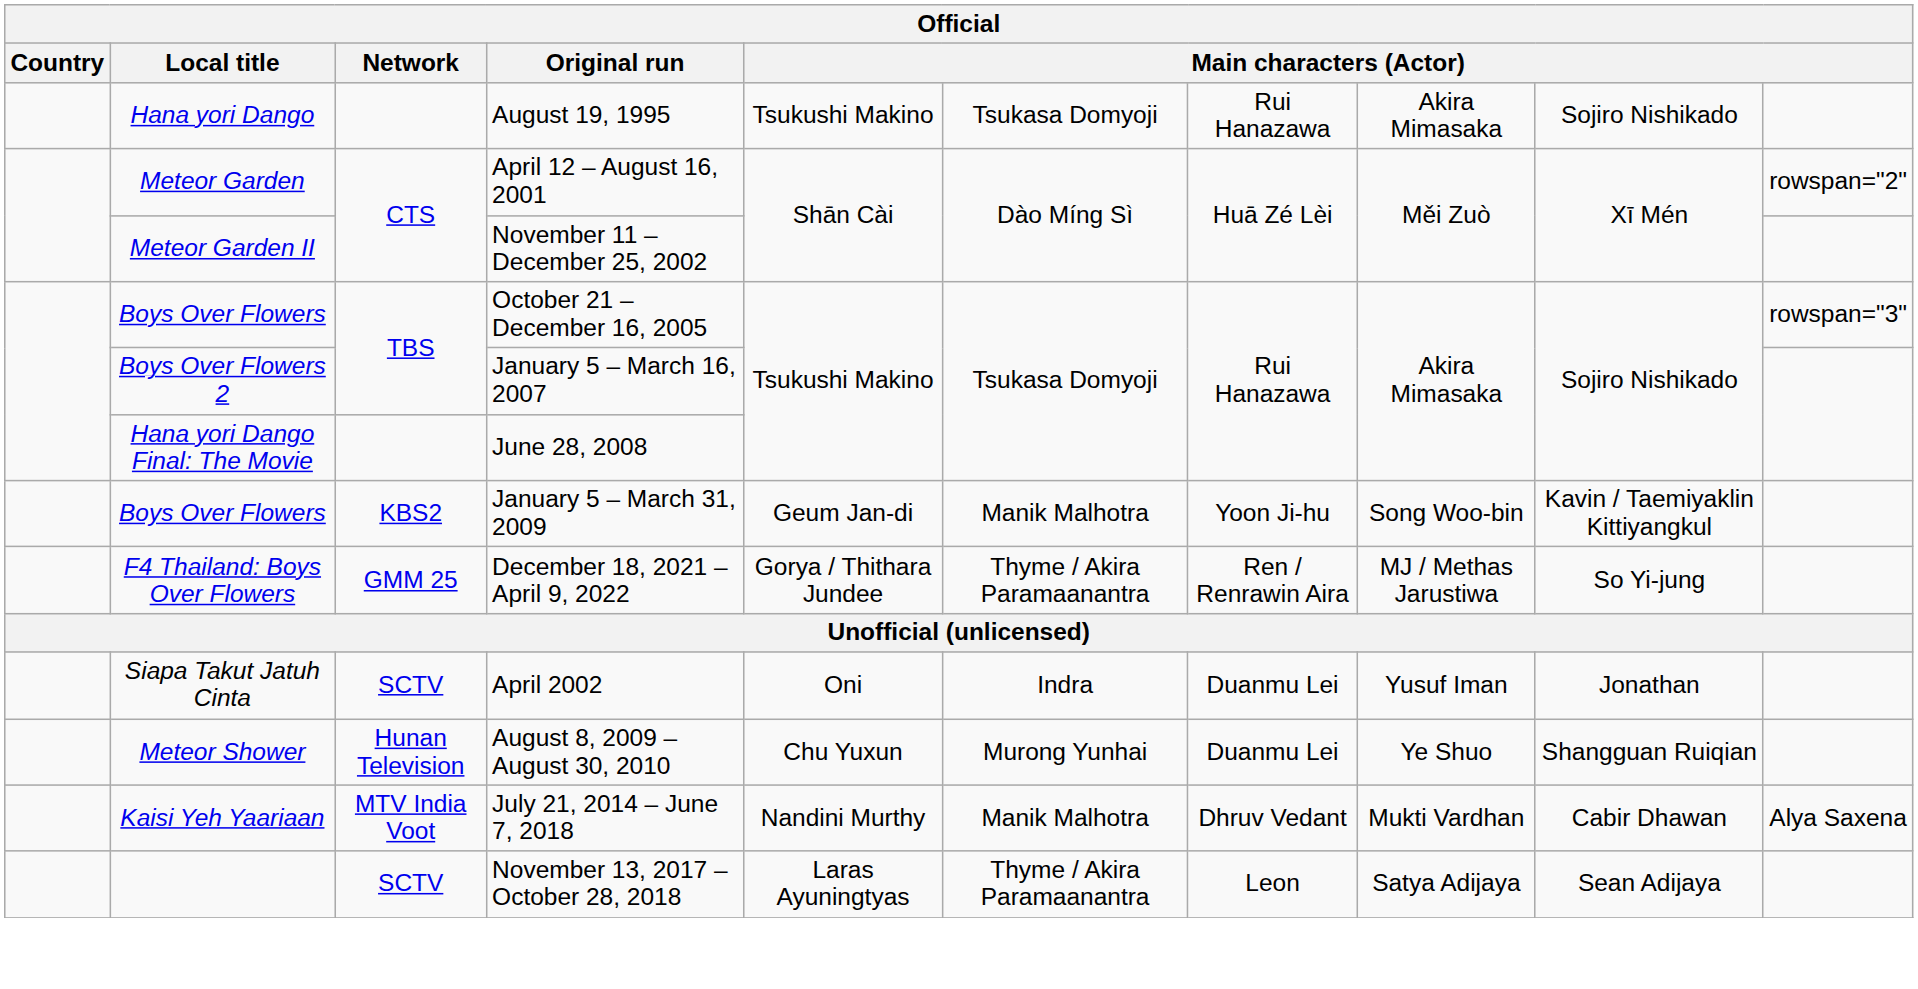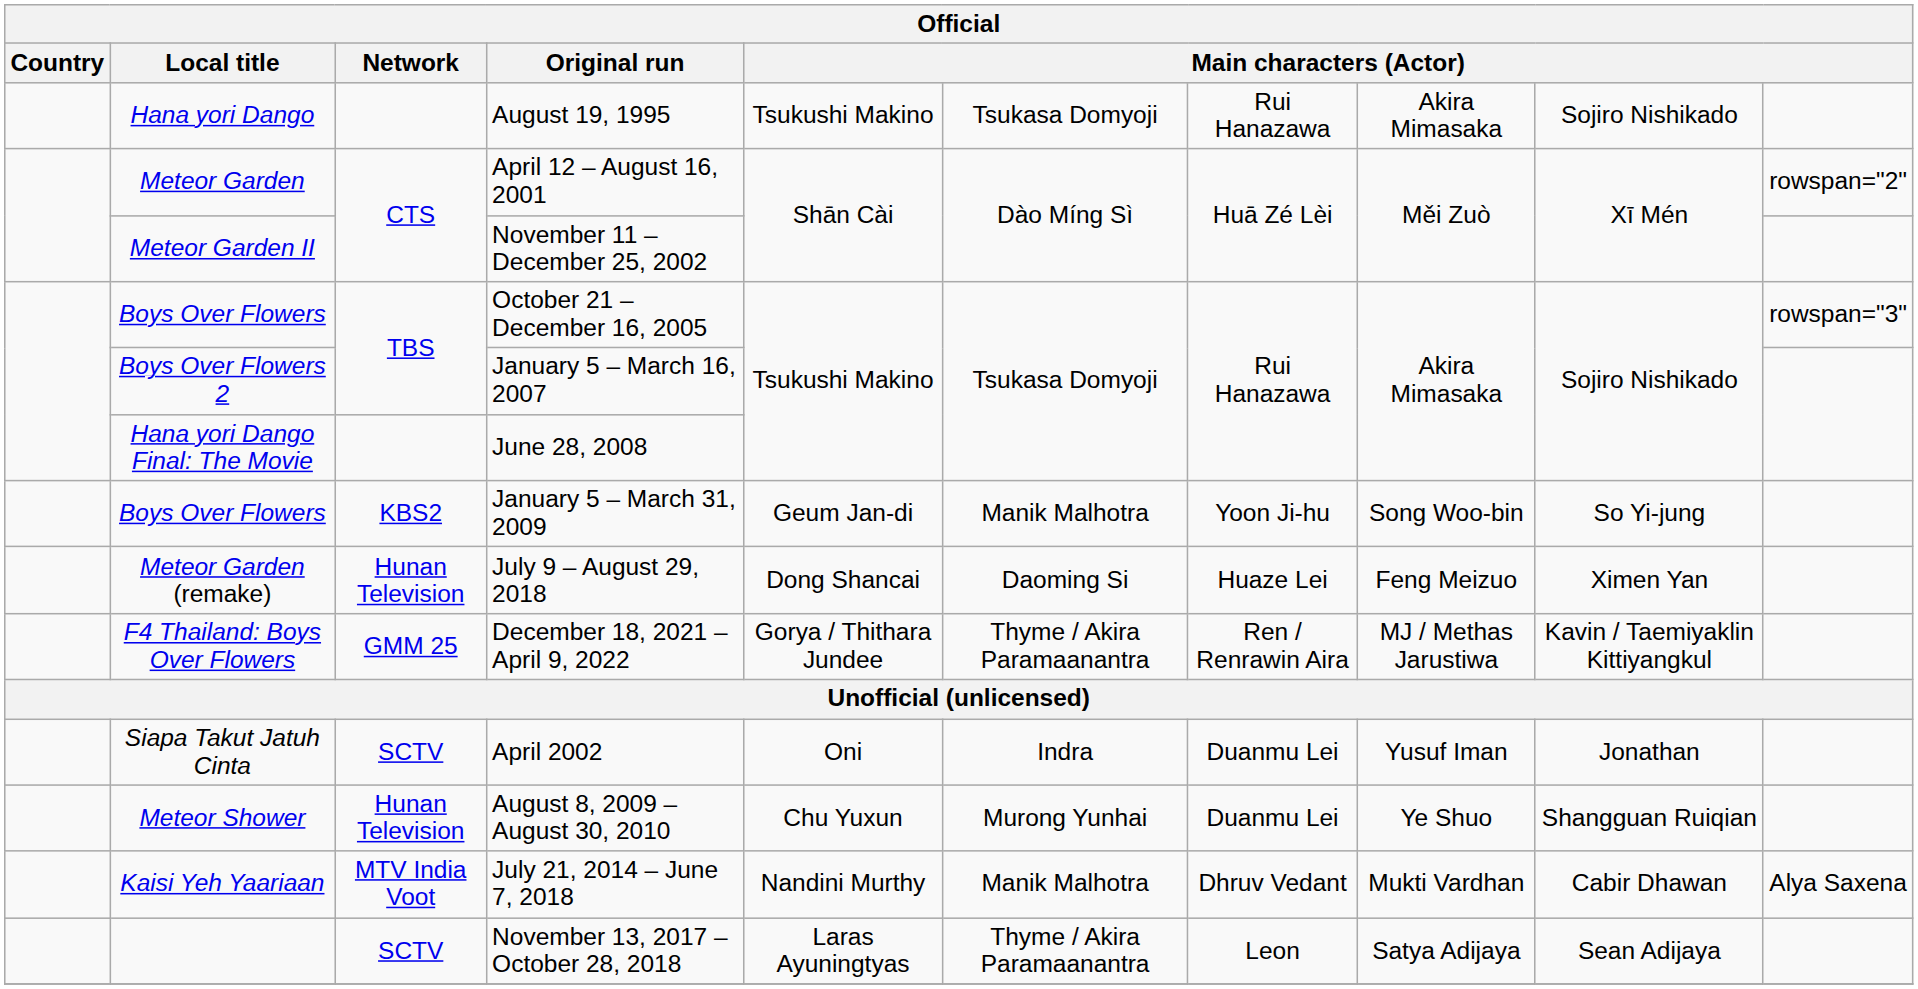 <table class="wikitable" style="text-align:center">
 <tr>
 <th !width= 10% colspan="10">Official</th>
 </tr>
 <tr>
 <th !width= 10%>Country</th>
 <th !width= 10%>Local title</th>
 <th !width= 10%>Network</th>
 <th !width= 10%>Original run</th>
 <th !width= 10% colspan="6">Main characters (Actor)</th>
 </tr>
 <tr>
 <td style="text-align:left;"></td>
 <td><em><a href='#'>Hana yori Dango</a></em></td>
 <td></td>
 <td style="text-align:left;">August 19, 1995</td>
 <td>Tsukushi Makino<br></td>
 <td>Tsukasa Domyoji<br></td>
 <td>Rui Hanazawa<br></td>
 <td>Akira Mimasaka<br></td>
 <td>Sojiro Nishikado<br></td>
 <td></td>
 </tr>
 <tr>
 <td style="text-align:left;" rowspan="2"></td>
 <td><em><a href='#'>Meteor Garden</a></em></td>
 <td rowspan="2"><a href='#'>CTS</a></td>
 <td style="text-align:left;">April 12 – August 16, 2001</td>
 <td rowspan="2">Shān Cài<br></td>
 <td rowspan="2">Dào Míng Sì<br></td>
 <td rowspan="2">Huā Zé Lèi<br></td>
 <td rowspan="2">Měi Zuò<br></td>
 <td rowspan="2">Xī Mén<br></td>
 <td>rowspan="2" </td>
 </tr>
 <tr>
 <td><em><a href='#'>Meteor Garden II</a></em></td>
 <td style="text-align:left;">November 11 – December 25, 2002</td>
 </tr>
 <tr>
 <td style="text-align:left;" rowspan="3"></td>
 <td><em><a href='#'>Boys Over Flowers</a></em></td>
 <td rowspan="2"><a href='#'>TBS</a></td>
 <td style="text-align:left;">October 21 – December 16, 2005</td>
 <td rowspan="3">Tsukushi Makino<br></td>
 <td rowspan="3">Tsukasa Domyoji<br></td>
 <td rowspan="3">Rui Hanazawa<br></td>
 <td rowspan="3">Akira Mimasaka<br></td>
 <td rowspan="3">Sojiro Nishikado<br></td>
 <td>rowspan="3" </td>
 </tr>
 <tr>
 <td><em><a href='#'>Boys Over Flowers 2</a></em></td>
 <td style="text-align:left;">January 5 – March 16, 2007</td>
 </tr>
 <tr>
 <td><em><a href='#'>Hana yori Dango Final: The Movie</a></em></td>
 <td></td>
 <td style="text-align:left;">June 28, 2008</td>
 </tr>
 <tr>
 <td style="text-align:left;"></td>
 <td><em><a href='#'>Boys Over Flowers</a></em></td>
 <td><a href='#'>KBS2</a></td>
 <td style="text-align:left;">January 5 – March 31, 2009</td>
 <td>Geum Jan-di<br></td>
 <td>Manik Malhotra<br></td>
 <td>Yoon Ji-hu<br></td>
 <td>Song Woo-bin<br></td>
-<td>Kavin / Taemiyaklin Kittiyangkul<br></td>
+<td>So Yi-jung<br></td>
+<td></td>
+</tr>
+<tr>
+<td style="text-align:left;"></td>
+<td><em><a href='#'>Meteor Garden</a></em> (remake)</td>
+<td><a href='#'>Hunan Television</a></td>
+<td style="text-align:left;">July 9 – August 29, 2018</td>
+<td>Dong Shancai<br></td>
+<td>Daoming Si<br></td>
+<td>Huaze Lei<br></td>
+<td>Feng Meizuo<br></td>
+<td>Ximen Yan<br></td>
 <td></td>
 </tr>
 <tr>
 <td style="text-align:left;"></td>
 <td><em><a href='#'>F4 Thailand: Boys Over Flowers</a></em></td>
 <td><a href='#'>GMM 25</a></td>
 <td style="text-align:left;">December 18, 2021 – April 9, 2022</td>
 <td>Gorya / Thithara Jundee<br></td>
 <td>Thyme / Akira Paramaanantra<br></td>
 <td>Ren / Renrawin Aira<br></td>
 <td>MJ / Methas Jarustiwa<br></td>
-<td>So Yi-jung<br></td>
+<td>Kavin / Taemiyaklin Kittiyangkul<br></td>
 <td></td>
 </tr>
 <tr>
 <th !width= 10% colspan="10">Unofficial (unlicensed)</th>
 </tr>
 <tr>
 <td style="text-align:left;"></td>
 <td><em>Siapa Takut Jatuh Cinta</em></td>
 <td><a href='#'>SCTV</a></td>
 <td style="text-align:left;">April 2002</td>
 <td>Oni<br></td>
 <td>Indra<br></td>
 <td>Duanmu Lei<br></td>
 <td>Yusuf Iman<br></td>
 <td>Jonathan<br></td>
 <td></td>
 </tr>
 <tr>
 <td style="text-align:left;"></td>
 <td><em><a href='#'>Meteor Shower</a></em></td>
 <td><a href='#'>Hunan Television</a></td>
 <td style="text-align:left;">August 8, 2009 – August 30, 2010</td>
 <td>Chu Yuxun<br></td>
 <td>Murong Yunhai<br></td>
 <td>Duanmu Lei<br></td>
 <td>Ye Shuo<br></td>
 <td>Shangguan Ruiqian<br></td>
 <td></td>
 </tr>
 <tr>
 <td style="text-align:left;"></td>
 <td><em><a href='#'>Kaisi Yeh Yaariaan</a></em></td>
 <td><a href='#'>MTV India</a> <br><a href='#'>Voot</a> </td>
 <td style="text-align:left;">July 21, 2014 – June 7, 2018</td>
 <td>Nandini Murthy<br></td>
 <td>Manik Malhotra<br></td>
 <td>Dhruv Vedant<br></td>
 <td>Mukti Vardhan<br></td>
 <td>Cabir Dhawan<br></td>
 <td>Alya Saxena<br></td>
 </tr>
 <tr>
 <td style="text-align:left;"></td>
 <td><em></em></td>
 <td><a href='#'>SCTV</a></td>
 <td style="text-align:left;">November 13, 2017 – October 28, 2018</td>
 <td>Laras Ayuningtyas<br></td>
 <td>Thyme / Akira Paramaanantra<br></td>
 <td>Leon<br></td>
 <td>Satya Adijaya<br></td>
 <td>Sean Adijaya<br></td>
 <td></td>
 </tr>
 <tr>
 </tr>
 </table>
